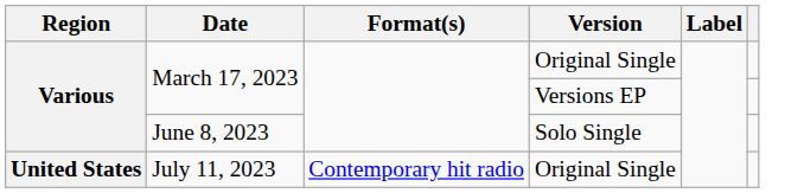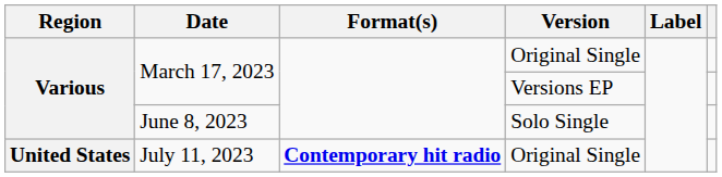 <table class="wikitable plainrowheaders">
 <tr>
 <th scope="col">Region</th>
 <th scope="col">Date</th>
 <th scope="col">Format(s)</th>
 <th scope="col">Version</th>
 <th scope="col">Label</th>
 <th scope="col"></th>
 </tr>
 <tr>
 <th scope="row" rowspan="3">Various</th>
 <td rowspan="2">March 17, 2023</td>
 <td rowspan="3"></td>
 <td>Original Single</td>
 <td rowspan="4"></td>
 <td align="center"></td>
 </tr>
 <tr>
 <td>Versions EP</td>
 <td align="center"></td>
 </tr>
 <tr>
 <td>June 8, 2023</td>
 <td>Solo Single</td>
 <td align="center"></td>
 </tr>
 <tr>
 <th scope="row">United States</th>
 <td>July 11, 2023</td>
-<td><a href='#'>Contemporary hit radio</a></td>
+<td><strong><a href='#'>Contemporary hit radio</a></strong></td>
 <td>Original Single</td>
 <td align="center"></td>
 </tr>
 </table>
